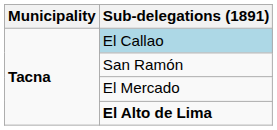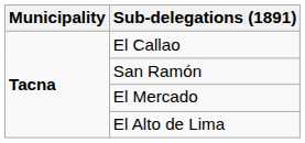 <table class="wikitable">
 <tr>
 <th>Municipality</th>
 <th>Sub-delegations (1891)</th>
 </tr>
 <tr>
 <td rowspan=4><strong>Tacna</strong></td>
-<td style="background: lightblue;">El Callao</td>
+<td>El Callao</td>
 </tr>
 <tr>
 <td>San Ramón</td>
 </tr>
 <tr>
 <td>El Mercado</td>
 </tr>
 <tr>
-<td><strong>El Alto de Lima</strong></td>
+<td>El Alto de Lima</td>
 </tr>
 </table>
